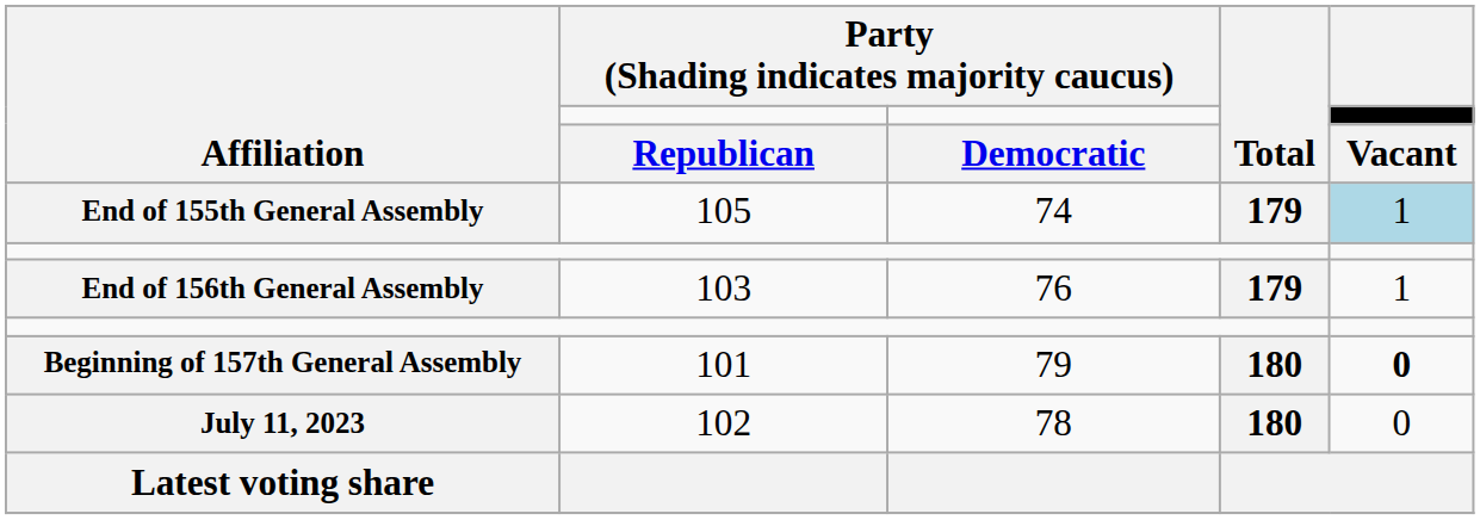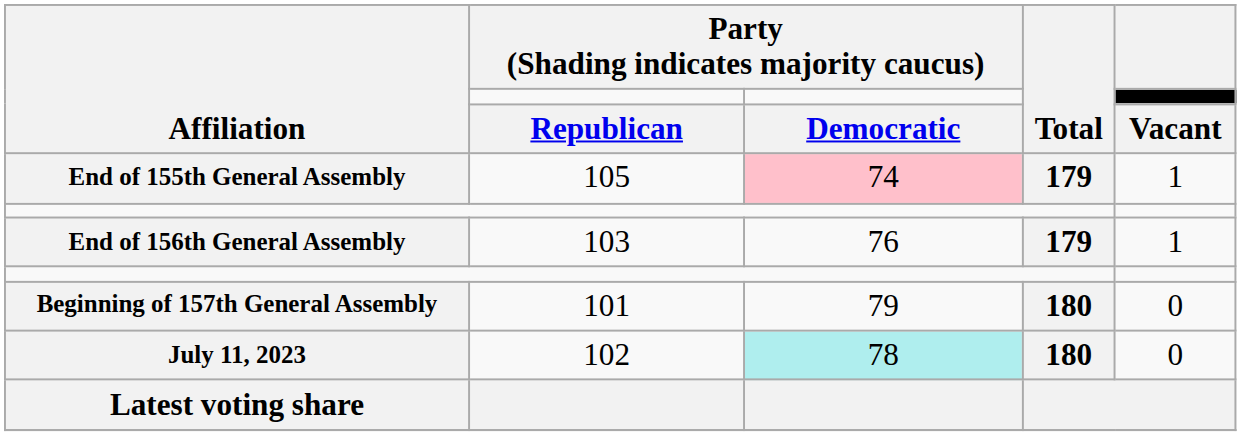 <table class=wikitable style="text-align:center; width:50%">
 <tr style="vertical-align:bottom;">
 <th rowspan=3>Affiliation</th>
 <th colspan="2">Party <div>(Shading indicates majority caucus)</div></th>
 <th rowspan=3>Total</th>
 <th></th>
 </tr>
 <tr style="height:5px">
 <td></td>
 <td></td>
 <td style="background-color:black"></td>
 </tr>
 <tr>
 <th><a href='#'>Republican</a></th>
 <th><a href='#'>Democratic</a></th>
 <th>Vacant</th>
 </tr>
 <tr>
 <th nowrap style="font-size:80%">End of 155th General Assembly</th>
 <td>105</td>
-<td>74</td>
+<td style="background: pink;">74</td>
 <th>179</th>
-<td style="background: lightblue;">1</td>
+<td>1</td>
 </tr>
 <tr>
 <td colspan="4"></td>
 </tr>
 <tr>
 <th nowrap style="font-size:80%">End of 156th General Assembly</th>
 <td>103</td>
 <td>76</td>
 <th>179</th>
 <td>1</td>
 </tr>
 <tr>
 <td colspan="4"></td>
 </tr>
 <tr>
 <th nowrap style="font-size:80%">Beginning of 157th General Assembly</th>
 <td>101</td>
 <td>79</td>
 <th>180</th>
-<td><strong>0</strong></td>
+<td>0</td>
 </tr>
 <tr>
 <th nowrap style="font-size:80%">July 11, 2023</th>
 <td>102</td>
-<td>78</td>
+<td style="background: paleturquoise;">78</td>
 <th>180</th>
 <td>0</td>
 </tr>
 <tr>
 <th>Latest voting share</th>
 <th colspan=1 ></th>
 <th></th>
 <th colspan=2></th>
 </tr>
 <tr>
 </tr>
 </table>
